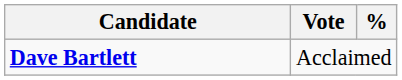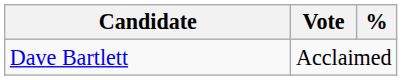 <table class="wikitable">
 <tr>
 <th bgcolor="#DDDDFF" width="200px">Candidate</th>
 <th bgcolor="#DDDDFF">Vote</th>
 <th bgcolor="#DDDDFF">%</th>
 </tr>
 <tr>
-<td><strong><a href='#'>Dave Bartlett</a></strong></td>
+<td><a href='#'>Dave Bartlett</a></td>
 <td colspan="2">Acclaimed</td>
 </tr>
 </table>
